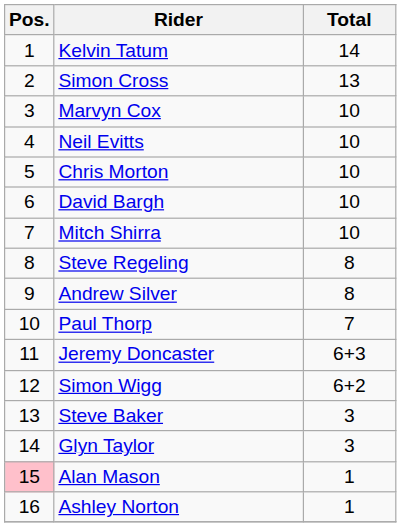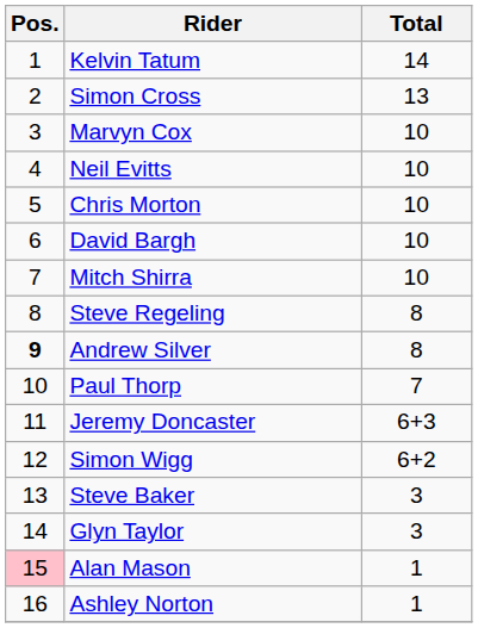 <table class=wikitable>
 <tr>
 <th width=25px>Pos.</th>
 <th width=200px>Rider</th>
 <th width=70px>Total</th>
 </tr>
 <tr align=center >
 <td>1</td>
 <td align=left> <a href='#'>Kelvin Tatum</a></td>
 <td>14</td>
 </tr>
 <tr align=center >
 <td>2</td>
 <td align=left> <a href='#'>Simon Cross</a></td>
 <td>13</td>
 </tr>
 <tr align=center >
 <td>3</td>
 <td align=left> <a href='#'>Marvyn Cox</a></td>
 <td>10</td>
 </tr>
 <tr align=center >
 <td>4</td>
 <td align=left> <a href='#'>Neil Evitts</a></td>
 <td>10</td>
 </tr>
 <tr align=center >
 <td>5</td>
 <td align=left> <a href='#'>Chris Morton</a></td>
 <td>10</td>
 </tr>
 <tr align=center >
 <td>6</td>
 <td align=left> <a href='#'>David Bargh</a></td>
 <td>10</td>
 </tr>
 <tr align=center >
 <td>7</td>
 <td align=left> <a href='#'>Mitch Shirra</a></td>
 <td>10</td>
 </tr>
 <tr align=center >
 <td>8</td>
 <td align=left> <a href='#'>Steve Regeling</a></td>
 <td>8</td>
 </tr>
 <tr align=center >
-<td>9</td>
+<td><strong>9</strong></td>
 <td align=left> <a href='#'>Andrew Silver</a></td>
 <td>8</td>
 </tr>
 <tr align=center >
 <td>10</td>
 <td align=left> <a href='#'>Paul Thorp</a></td>
 <td>7</td>
 </tr>
 <tr align=center >
 <td>11</td>
 <td align=left> <a href='#'>Jeremy Doncaster</a></td>
 <td>6+3</td>
 </tr>
 <tr align=center >
 <td>12</td>
 <td align=left> <a href='#'>Simon Wigg</a></td>
 <td>6+2</td>
 </tr>
 <tr align=center>
 <td>13</td>
 <td align=left> <a href='#'>Steve Baker</a></td>
 <td>3</td>
 </tr>
 <tr align=center>
 <td>14</td>
 <td align=left> <a href='#'>Glyn Taylor</a></td>
 <td>3</td>
 </tr>
 <tr align=center>
 <td style="background: pink;">15</td>
 <td align=left> <a href='#'>Alan Mason</a></td>
 <td>1</td>
 </tr>
 <tr align=center>
 <td>16</td>
 <td align=left> <a href='#'>Ashley Norton</a></td>
 <td>1</td>
 </tr>
 <tr align=center>
 </tr>
 </table>
